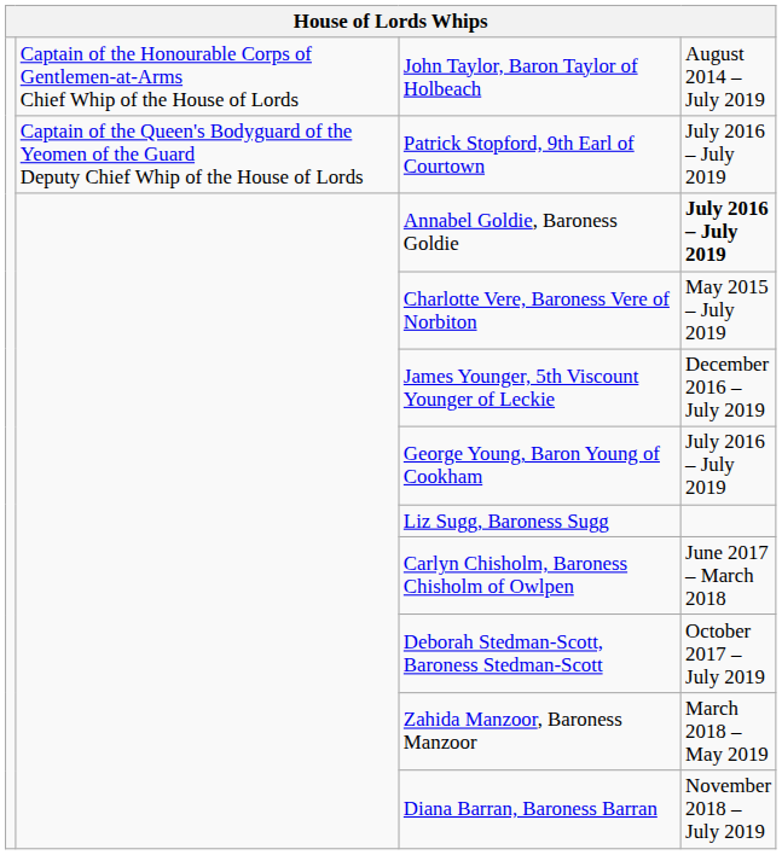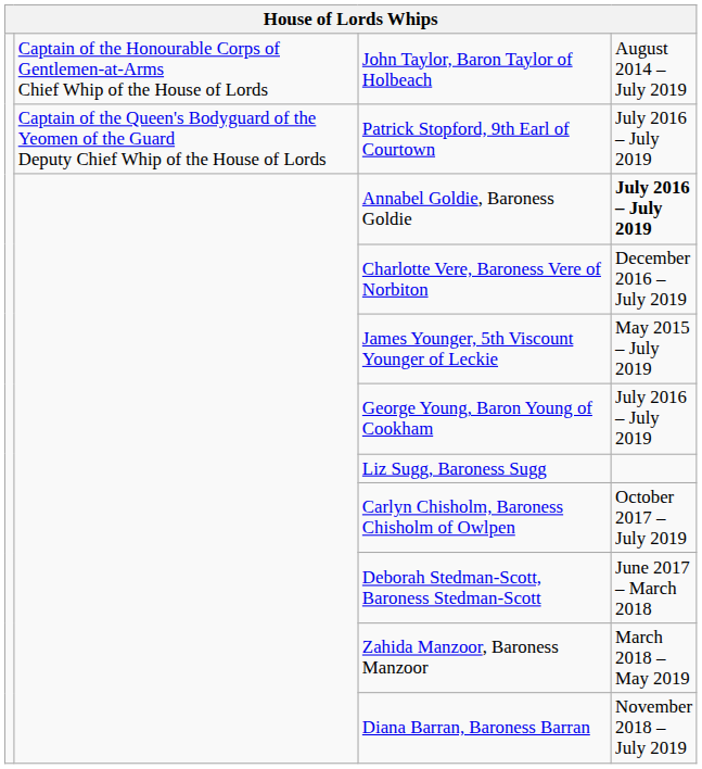 <table class="wikitable">
 <tr>
 <th colspan="4">House of Lords Whips</th>
 </tr>
 <tr>
 <td rowspan="14" style="width: 1px; background: "></td>
 <td style="width: 450px;"><a href='#'>Captain of the Honourable Corps of Gentlemen-at-Arms</a><br>Chief Whip of the House of Lords</td>
 <td style="width: 320px;"><a href='#'>John Taylor, Baron Taylor of Holbeach</a></td>
 <td>August 2014 – July 2019</td>
 </tr>
 <tr>
 <td><a href='#'>Captain of the Queen's Bodyguard of the Yeomen of the Guard</a><br>Deputy Chief Whip of the House of Lords</td>
 <td><a href='#'>Patrick Stopford, 9th Earl of Courtown</a></td>
 <td>July 2016 – July 2019</td>
 </tr>
 <tr>
 <td rowspan="9"></td>
 <td><a href='#'>Annabel Goldie</a>, Baroness Goldie</td>
 <td><strong>July 2016 – July 2019</strong></td>
 </tr>
 <tr>
 <td><a href='#'>Charlotte Vere, Baroness Vere of Norbiton</a></td>
-<td>May 2015 – July 2019</td>
+<td>December 2016 – July 2019</td>
 </tr>
 <tr>
 <td><a href='#'>James Younger, 5th Viscount Younger of Leckie</a></td>
-<td>December 2016 – July 2019</td>
+<td>May 2015 – July 2019</td>
 </tr>
 <tr>
 <td><a href='#'>George Young, Baron Young of Cookham</a></td>
 <td>July 2016 – July 2019</td>
 </tr>
 <tr>
 <td><a href='#'>Liz Sugg, Baroness Sugg</a></td>
 <td></td>
 </tr>
 <tr>
 <td><a href='#'>Carlyn Chisholm, Baroness Chisholm of Owlpen</a></td>
-<td>June 2017 – March 2018</td>
+<td>October 2017 – July 2019</td>
 </tr>
 <tr>
 <td><a href='#'>Deborah Stedman-Scott, Baroness Stedman-Scott</a> <br></td>
-<td>October 2017 – July 2019</td>
+<td>June 2017 – March 2018</td>
 </tr>
 <tr>
 <td><a href='#'>Zahida Manzoor</a>, Baroness Manzoor<br></td>
 <td>March 2018 – May 2019</td>
 </tr>
 <tr>
 <td><a href='#'>Diana Barran, Baroness Barran</a><br></td>
 <td>November 2018 – July 2019</td>
 </tr>
 </table>
